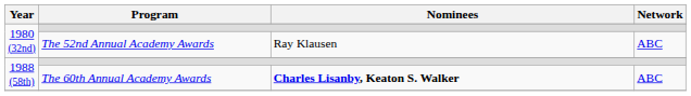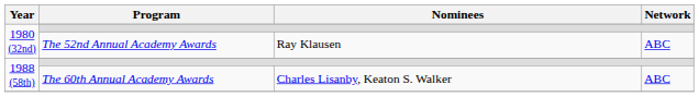 <table class="wikitable" style="width:100%">
 <tr bgcolor="#bebebe">
 <th width="5%">Year</th>
 <th width="35%">Program</th>
 <th width="55%">Nominees</th>
 <th width="5%">Network</th>
 </tr>
 <tr>
 <td rowspan=3 style="text-align:center"><a href='#'>1980</a><br><small><a href='#'>(32nd)</a></small></td>
 </tr>
 <tr>
 <td style="background:#ddd" colspan=3></td>
 </tr>
 <tr>
 <td><em><a href='#'>The 52nd Annual Academy Awards</a></em></td>
 <td>Ray Klausen</td>
 <td><a href='#'>ABC</a></td>
 </tr>
 <tr>
 <td rowspan=3 style="text-align:center"><a href='#'>1988</a><br><small><a href='#'>(58th)</a></small></td>
 </tr>
 <tr>
 <td style="background:#ddd" colspan=3></td>
 </tr>
 <tr>
 <td><em><a href='#'>The 60th Annual Academy Awards</a></em></td>
-<td><strong><a href='#'>Charles Lisanby</a>, Keaton S. Walker</strong></td>
+<td><a href='#'>Charles Lisanby</a>, Keaton S. Walker</td>
 <td><a href='#'>ABC</a></td>
 </tr>
 <tr>
 </tr>
 </table>
